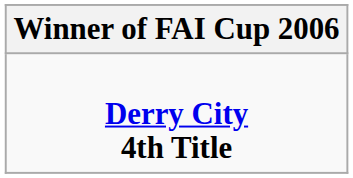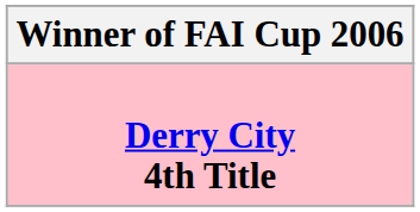 <table class="wikitable" style="text-align: center; margin: 0 auto;">
 <tr>
 <th>Winner of FAI Cup 2006</th>
 </tr>
 <tr>
-<td><br><strong><a href='#'>Derry City</a></strong><br><strong>4th Title</strong></td>
+<td style="background: pink;"><br><strong><a href='#'>Derry City</a></strong><br><strong>4th Title</strong></td>
 </tr>
 </table>
